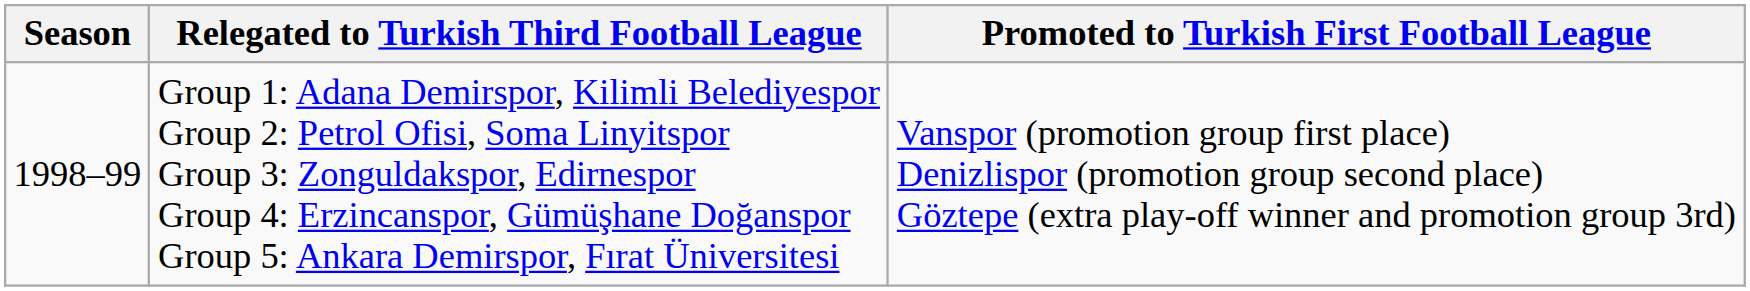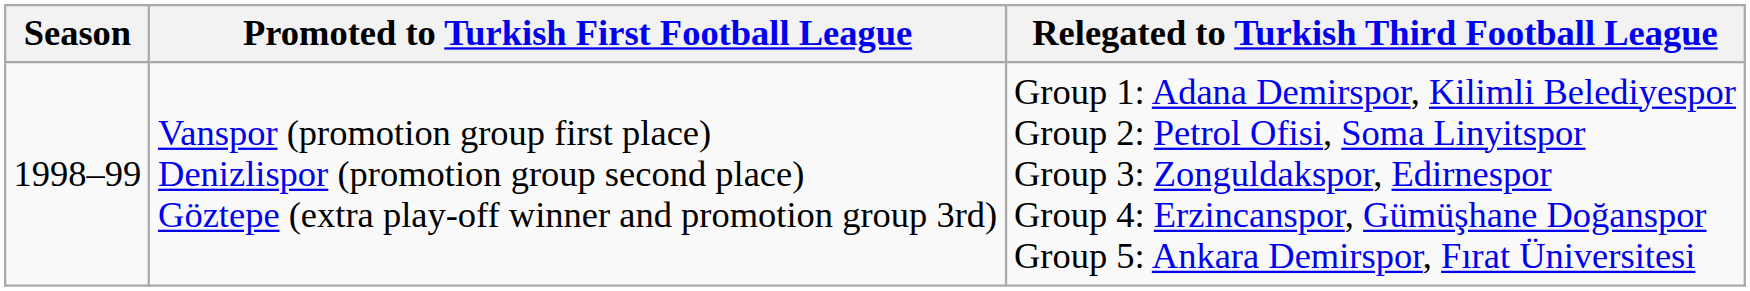 <table class="wikitable">
 <tr>
 <th>Season</th>
+<th>Promoted to <a href='#'>Turkish First Football League</a></th>
 <th>Relegated to <a href='#'>Turkish Third Football League</a></th>
-<th>Promoted to <a href='#'>Turkish First Football League</a></th>
 </tr>
 <tr>
 <td>1998–99</td>
+<td><a href='#'>Vanspor</a> (promotion group first place)<br><a href='#'>Denizlispor</a> (promotion group second place)<br><a href='#'>Göztepe</a> (extra play-off winner and promotion group 3rd)</td>
 <td>Group 1: <a href='#'>Adana Demirspor</a>, <a href='#'>Kilimli Belediyespor</a><br>Group 2: <a href='#'>Petrol Ofisi</a>, <a href='#'>Soma Linyitspor</a><br>Group 3: <a href='#'>Zonguldakspor</a>, <a href='#'>Edirnespor</a><br>Group 4: <a href='#'>Erzincanspor</a>, <a href='#'>Gümüşhane Doğanspor</a><br>Group 5: <a href='#'>Ankara Demirspor</a>, <a href='#'>Fırat Üniversitesi</a></td>
-<td><a href='#'>Vanspor</a> (promotion group first place)<br><a href='#'>Denizlispor</a> (promotion group second place)<br><a href='#'>Göztepe</a> (extra play-off winner and promotion group 3rd)</td>
 </tr>
 </table>
